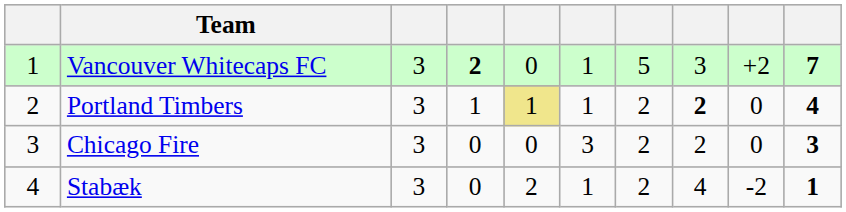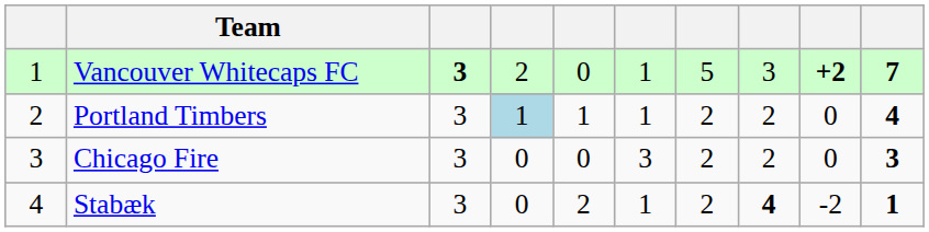 <table class="wikitable" style="text-align: center;">
 <tr>
 <th style="width:28px;"></th>
 <th style="width:200px;">Team</th>
 <th width="28"></th>
 <th width="28"></th>
 <th width="28"></th>
 <th width="28"></th>
 <th width="28"></th>
 <th width="28"></th>
 <th width="28"></th>
 <th width="28"></th>
 </tr>
 <tr style="background:#cfc;">
 <td>1</td>
 <td style="text-align:left;"> <a href='#'>Vancouver Whitecaps FC</a></td>
-<td>3</td>
-<td><strong>2</strong></td>
+<td><strong>3</strong></td>
+<td>2</td>
 <td>0</td>
 <td>1</td>
 <td>5</td>
 <td>3</td>
-<td>+2</td>
+<td><strong>+2</strong></td>
 <td><strong>7</strong></td>
 </tr>
 <tr>
 <td>2</td>
 <td style="text-align:left;"> <a href='#'>Portland Timbers</a></td>
 <td>3</td>
+<td style="background: lightblue;">1</td>
 <td>1</td>
-<td style="background: khaki;">1</td>
 <td>1</td>
 <td>2</td>
-<td><strong>2</strong></td>
+<td>2</td>
 <td>0</td>
 <td><strong>4</strong></td>
 </tr>
 <tr>
 <td>3</td>
 <td style="text-align:left;"> <a href='#'>Chicago Fire</a></td>
 <td>3</td>
 <td>0</td>
 <td>0</td>
 <td>3</td>
 <td>2</td>
 <td>2</td>
 <td>0</td>
 <td><strong>3</strong></td>
 </tr>
 <tr>
 <td>4</td>
 <td style="text-align:left;"> <a href='#'>Stabæk</a></td>
 <td>3</td>
 <td>0</td>
 <td>2</td>
 <td>1</td>
 <td>2</td>
-<td>4</td>
+<td><strong>4</strong></td>
 <td>-2</td>
 <td><strong>1</strong></td>
 </tr>
 </table>
